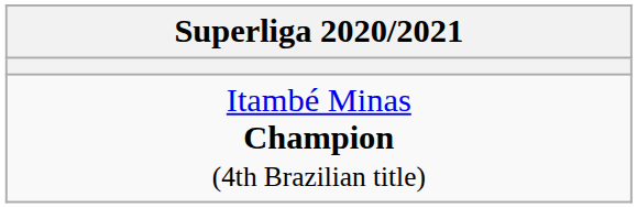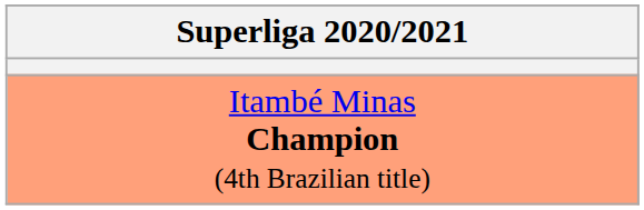 <table class="wikitable" style="margin: 0 auto; width: 300px;">
 <tr>
 <th>Superliga 2020/2021</th>
 </tr>
 <tr>
 <th></th>
 </tr>
 <tr>
-<td align="center"><a href='#'>Itambé Minas</a><br><strong>Champion</strong><br><small>(4th Brazilian title)<br></small></td>
+<td align="center" style="background: lightsalmon;"><a href='#'>Itambé Minas</a><br><strong>Champion</strong><br><small>(4th Brazilian title)<br></small></td>
 </tr>
 </table>
